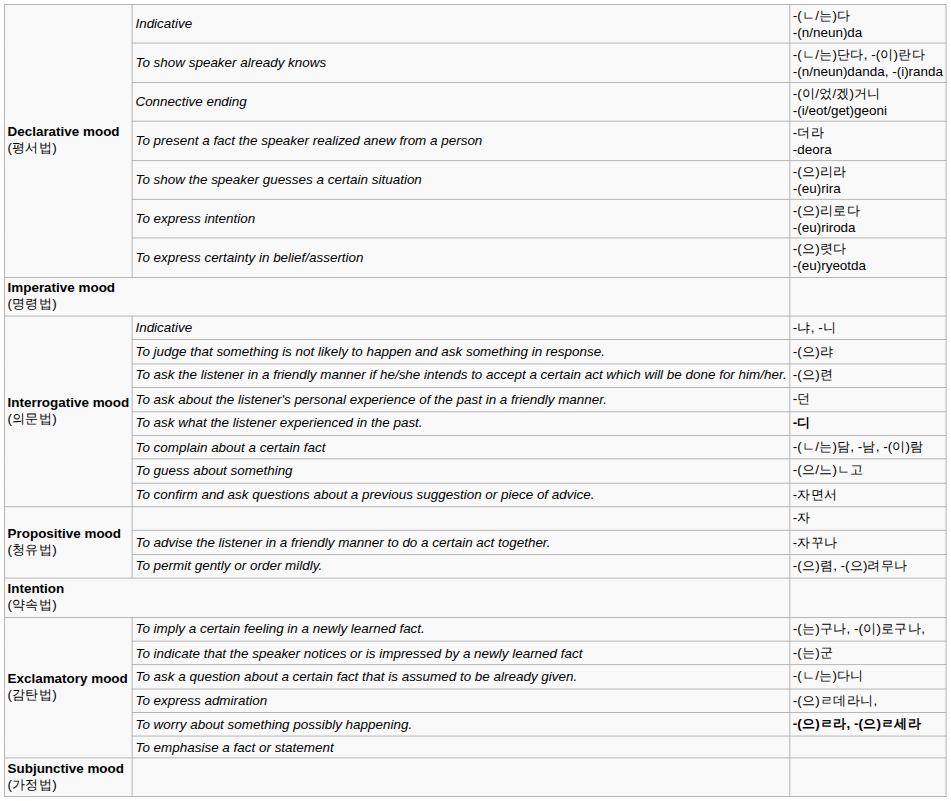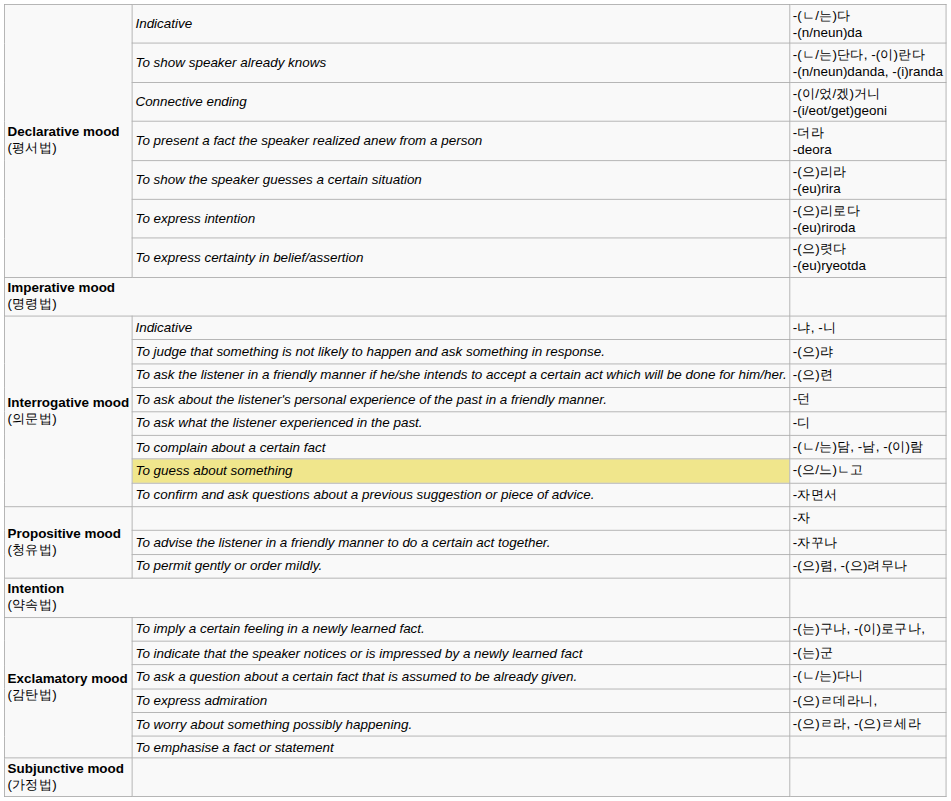 <table class="wikitable">
 <tr>
 <td rowspan="7"><strong>Declarative mood</strong><br>(평서법)</td>
 <td><em>Indicative</em></td>
 <td>-(ㄴ/는)다<br>-(n/neun)da</td>
 </tr>
 <tr>
 <td><em>To show speaker already knows</em></td>
 <td>-(ㄴ/는)단다, -(이)란다<br>-(n/neun)danda, -(i)randa</td>
 </tr>
 <tr>
 <td><em>Connective ending</em></td>
 <td>-(이/었/겠)거니<br>-(i/eot/get)geoni</td>
 </tr>
 <tr>
 <td><em>To  present a fact the speaker realized anew from a person</em></td>
 <td>-더라<br>-deora</td>
 </tr>
 <tr>
 <td><em>To show the speaker guesses a certain situation</em></td>
 <td>-(으)리라<br>-(eu)rira</td>
 </tr>
 <tr>
 <td><em>To express intention</em></td>
 <td>-(으)리로다<br>-(eu)riroda</td>
 </tr>
 <tr>
 <td><em>To express certainty in belief/assertion</em></td>
 <td>-(으)렷다<br>-(eu)ryeotda</td>
 </tr>
 <tr>
 <td colspan="2"><strong>Imperative mood</strong><br>(명령법)</td>
 <td></td>
 </tr>
 <tr>
 <td rowspan="8"><strong>Interrogative mood</strong><br>(의문법)</td>
 <td><em>Indicative</em></td>
 <td>-냐, -니</td>
 </tr>
 <tr>
 <td><em>To judge that something is not likely to happen and ask something in response.</em></td>
 <td>-(으)랴</td>
 </tr>
 <tr>
 <td><em>To ask the listener in a friendly manner if he/she intends to accept a certain act which will be done for him/her.</em></td>
 <td>-(으)련</td>
 </tr>
 <tr>
 <td><em>To ask about the listener's personal experience of the past in a friendly manner.</em></td>
 <td>-던</td>
 </tr>
 <tr>
 <td><em>To ask what the listener experienced in the past.</em></td>
-<td><strong>-디</strong></td>
+<td>-디</td>
 </tr>
 <tr>
 <td><em>To complain about a certain fact</em></td>
 <td>-(ㄴ/는)담, -남, -(이)람</td>
 </tr>
 <tr>
-<td><em>To guess about something</em></td>
+<td style="background: khaki;"><em>To guess about something</em></td>
 <td>-(으/느)ㄴ고</td>
 </tr>
 <tr>
 <td><em>To confirm and ask questions about a previous suggestion or piece of advice.</em></td>
 <td>-자면서</td>
 </tr>
 <tr>
 <td rowspan="3"><strong>Propositive mood</strong><br>(청유법)</td>
 <td></td>
 <td>-자</td>
 </tr>
 <tr>
 <td><em>To advise the listener in a friendly manner to do a certain act together.</em></td>
 <td>-자꾸나</td>
 </tr>
 <tr>
 <td><em>To permit gently or order mildly.</em></td>
 <td>-(으)렴, -(으)려무나</td>
 </tr>
 <tr>
 <td colspan="2"><strong>Intention</strong><br>(약속법)</td>
 <td></td>
 </tr>
 <tr>
 <td rowspan="6"><strong>Exclamatory mood</strong><br>(감탄법)</td>
 <td><em>To imply a certain feeling in a newly learned fact.</em></td>
 <td>-(는)구나, -(이)로구나,</td>
 </tr>
 <tr>
 <td><em>To indicate that the speaker notices or is impressed by a newly learned fact</em></td>
 <td>-(는)군</td>
 </tr>
 <tr>
 <td><em>To ask a question about a certain fact that is assumed to be already given.</em></td>
 <td>-(ㄴ/는)다니</td>
 </tr>
 <tr>
 <td><em>To express admiration</em></td>
 <td>-(으)ㄹ데라니,</td>
 </tr>
 <tr>
 <td><em>To worry about something possibly happening.</em></td>
-<td><strong>-(으)ㄹ라,  -(으)ㄹ세라</strong></td>
+<td>-(으)ㄹ라,  -(으)ㄹ세라</td>
 </tr>
 <tr>
 <td><em>To emphasise a fact or statement</em></td>
 <td></td>
 </tr>
 <tr>
 <td><strong>Subjunctive mood</strong><br>(가정법)</td>
 <td></td>
 <td></td>
 </tr>
 </table>
